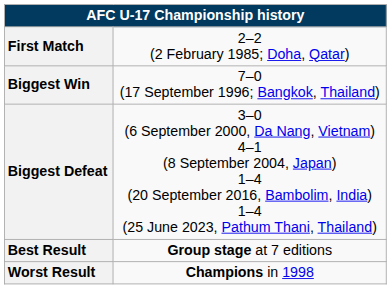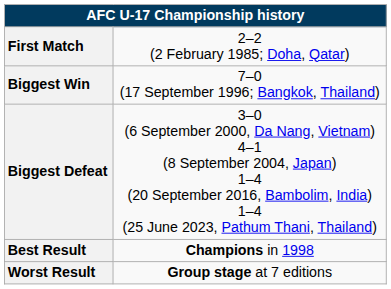 <table class="wikitable" style="text-align: center; width: 430px;">
 <tr>
 <th colspan=6 style="background: #013A5E; color: #FFFFFF;">AFC U-17 Championship history</th>
 </tr>
 <tr>
 <th style="text-align: left;">First Match</th>
 <td> 2–2 <br>(2 February 1985; <a href='#'>Doha</a>, <a href='#'>Qatar</a>)</td>
 </tr>
 <tr>
 <th style="text-align: left;">Biggest Win</th>
 <td> 7–0 <br> (17 September 1996; <a href='#'>Bangkok</a>, <a href='#'>Thailand</a>)</td>
 </tr>
 <tr>
 <th style="text-align: left;">Biggest Defeat</th>
 <td> 3–0 <br> (6 September 2000, <a href='#'>Da Nang</a>, <a href='#'>Vietnam</a>)<br> 4–1 <br> (8 September 2004, <a href='#'>Japan</a>)<br> 1–4 <br> (20 September 2016, <a href='#'>Bambolim</a>, <a href='#'>India</a>)<br> 1–4 <br> (25 June 2023, <a href='#'>Pathum Thani</a>, <a href='#'>Thailand</a>)</td>
 </tr>
 <tr>
 <th style="text-align: left;">Best Result</th>
-<td><strong>Group stage</strong> at 7 editions</td>
+<td><strong>Champions</strong> in <a href='#'>1998</a></td>
 </tr>
 <tr>
 <th style="text-align: left;">Worst Result</th>
-<td><strong>Champions</strong> in <a href='#'>1998</a></td>
+<td><strong>Group stage</strong> at 7 editions</td>
 </tr>
 </table>
